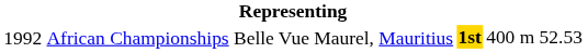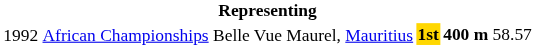 <table>
 <tr>
 <th colspan="6">Representing </th>
 </tr>
 <tr>
 <td rowspan=3>1992</td>
 <td rowspan=2><a href='#'>African Championships</a></td>
 <td rowspan=2>Belle Vue Maurel, <a href='#'>Mauritius</a></td>
 <td bgcolor="gold"><strong>1st</strong></td>
-<td>400 m</td>
-<td>52.53</td>
+<td><strong>400 m</strong></td>
+<td>58.57</td>
 </tr>
 <tr>
 </tr>
 </table>
